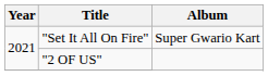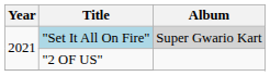 <table class="wikitable">
 <tr>
 <th>Year</th>
 <th>Title</th>
 <th>Album</th>
 </tr>
 <tr>
 <td rowspan="2">2021</td>
-<td>"Set It All On Fire"<br></td>
-<td>Super Gwario Kart</td>
+<td style="background: lightblue;">"Set It All On Fire"<br></td>
+<td style="background: lightgrey;">Super Gwario Kart</td>
 </tr>
 <tr>
 <td>"2 OF US"<br></td>
 </tr>
 <tr>
 </tr>
 </table>
